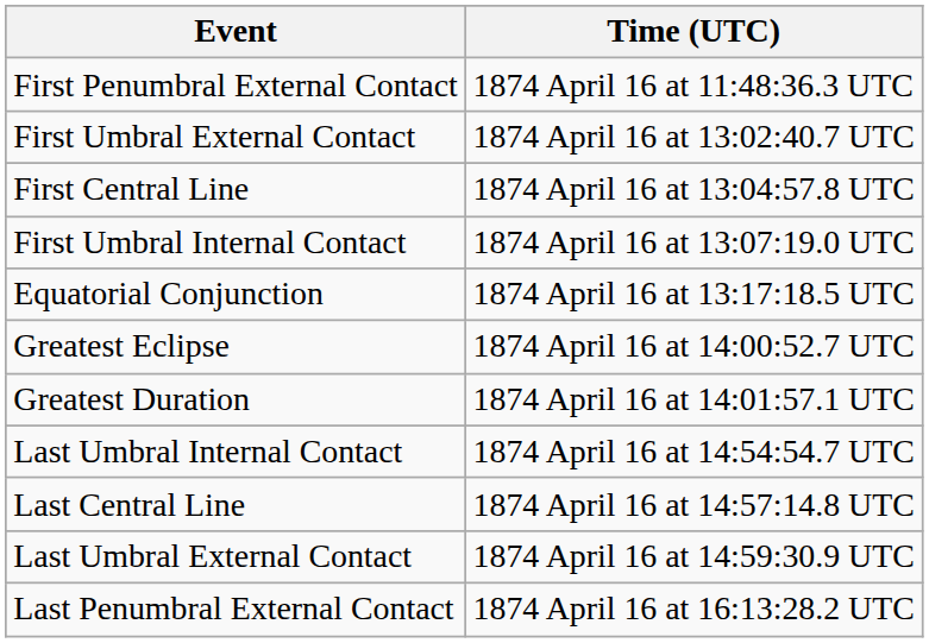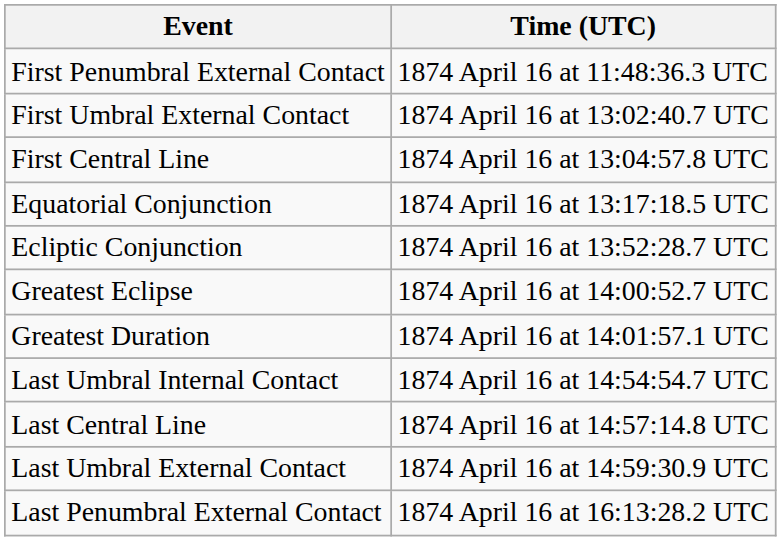 <table class="wikitable">
 <tr>
 <th>Event</th>
 <th>Time (UTC)</th>
 </tr>
 <tr>
 <td>First Penumbral External Contact</td>
 <td>1874 April 16 at 11:48:36.3 UTC</td>
 </tr>
 <tr>
 <td>First Umbral External Contact</td>
 <td>1874 April 16 at 13:02:40.7 UTC</td>
 </tr>
 <tr>
 <td>First Central Line</td>
 <td>1874 April 16 at 13:04:57.8 UTC</td>
 </tr>
 <tr>
-<td>First Umbral Internal Contact</td>
-<td>1874 April 16 at 13:07:19.0 UTC</td>
+<td>Equatorial Conjunction</td>
+<td>1874 April 16 at 13:17:18.5 UTC</td>
 </tr>
 <tr>
-<td>Equatorial Conjunction</td>
-<td>1874 April 16 at 13:17:18.5 UTC</td>
+<td>Ecliptic Conjunction</td>
+<td>1874 April 16 at 13:52:28.7 UTC</td>
 </tr>
 <tr>
 <td>Greatest Eclipse</td>
 <td>1874 April 16 at 14:00:52.7 UTC</td>
 </tr>
 <tr>
 <td>Greatest Duration</td>
 <td>1874 April 16 at 14:01:57.1 UTC</td>
 </tr>
 <tr>
 <td>Last Umbral Internal Contact</td>
 <td>1874 April 16 at 14:54:54.7 UTC</td>
 </tr>
 <tr>
 <td>Last Central Line</td>
 <td>1874 April 16 at 14:57:14.8 UTC</td>
 </tr>
 <tr>
 <td>Last Umbral External Contact</td>
 <td>1874 April 16 at 14:59:30.9 UTC</td>
 </tr>
 <tr>
 <td>Last Penumbral External Contact</td>
 <td>1874 April 16 at 16:13:28.2 UTC</td>
 </tr>
 </table>
